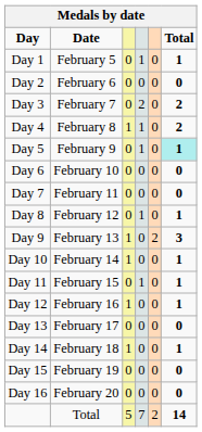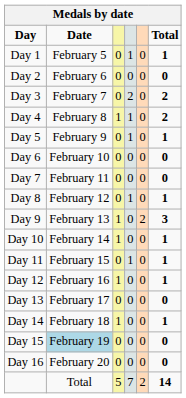 <table class=wikitable style="font-size:85%;float:right">
 <tr bgcolor=efefef>
 <th colspan=6><strong>Medals by date</strong></th>
 </tr>
 <tr align=center>
 <td><strong>Day</strong></td>
 <td><strong>Date</strong></td>
 <td bgcolor=#f7f6a8></td>
 <td bgcolor=#dce5e5></td>
 <td bgcolor=#ffdab9></td>
 <td><strong>Total</strong></td>
 </tr>
 <tr align=center>
 <td>Day 1</td>
 <td>February 5</td>
 <td bgcolor=F7F6A8>0</td>
 <td bgcolor=DCE5E5>1</td>
 <td bgcolor=FFDAB9>0</td>
 <td><strong>1</strong></td>
 </tr>
 <tr align=center>
 <td>Day 2</td>
 <td>February 6</td>
 <td bgcolor=F7F6A8>0</td>
 <td bgcolor=DCE5E5>0</td>
 <td bgcolor=FFDAB9>0</td>
 <td><strong>0</strong></td>
 </tr>
 <tr align=center>
 <td>Day 3</td>
 <td>February 7</td>
 <td bgcolor=F7F6A8>0</td>
 <td bgcolor=DCE5E5>2</td>
 <td bgcolor=FFDAB9>0</td>
 <td><strong>2</strong></td>
 </tr>
 <tr align=center>
 <td>Day 4</td>
 <td>February 8</td>
 <td bgcolor=F7F6A8>1</td>
 <td bgcolor=DCE5E5>1</td>
 <td bgcolor=FFDAB9>0</td>
 <td><strong>2</strong></td>
 </tr>
 <tr align=center>
 <td>Day 5</td>
 <td>February 9</td>
 <td bgcolor=F7F6A8>0</td>
 <td bgcolor=DCE5E5>1</td>
 <td bgcolor=FFDAB9>0</td>
-<td style="background: paleturquoise;"><strong>1</strong></td>
+<td><strong>1</strong></td>
 </tr>
 <tr align=center>
 <td>Day 6</td>
 <td>February 10</td>
 <td bgcolor=F7F6A8>0</td>
 <td bgcolor=DCE5E5>0</td>
 <td bgcolor=FFDAB9>0</td>
 <td><strong>0</strong></td>
 </tr>
 <tr align=center>
 <td>Day 7</td>
 <td>February 11</td>
 <td bgcolor=F7F6A8>0</td>
 <td bgcolor=DCE5E5>0</td>
 <td bgcolor=FFDAB9>0</td>
 <td><strong>0</strong></td>
 </tr>
 <tr align=center>
 <td>Day 8</td>
 <td>February 12</td>
 <td bgcolor=F7F6A8>0</td>
 <td bgcolor=DCE5E5>1</td>
 <td bgcolor=FFDAB9>0</td>
 <td><strong>1</strong></td>
 </tr>
 <tr align=center>
 <td>Day 9</td>
 <td>February 13</td>
 <td bgcolor=F7F6A8>1</td>
 <td bgcolor=DCE5E5>0</td>
 <td bgcolor=FFDAB9>2</td>
 <td><strong>3</strong></td>
 </tr>
 <tr align=center>
 <td>Day 10</td>
 <td>February 14</td>
 <td bgcolor=F7F6A8>1</td>
 <td bgcolor=DCE5E5>0</td>
 <td bgcolor=FFDAB9>0</td>
 <td><strong>1</strong></td>
 </tr>
 <tr align=center>
 <td>Day 11</td>
 <td>February 15</td>
 <td bgcolor=F7F6A8>0</td>
 <td bgcolor=DCE5E5>1</td>
 <td bgcolor=FFDAB9>0</td>
 <td><strong>1</strong></td>
 </tr>
 <tr align=center>
 <td>Day 12</td>
 <td>February 16</td>
 <td bgcolor=F7F6A8>1</td>
 <td bgcolor=DCE5E5>0</td>
 <td bgcolor=FFDAB9>0</td>
 <td><strong>1</strong></td>
 </tr>
 <tr align=center>
 <td>Day 13</td>
 <td>February 17</td>
 <td bgcolor=F7F6A8>0</td>
 <td bgcolor=DCE5E5>0</td>
 <td bgcolor=FFDAB9>0</td>
 <td><strong>0</strong></td>
 </tr>
 <tr align=center>
 <td>Day 14</td>
 <td>February 18</td>
 <td bgcolor=F7F6A8>1</td>
 <td bgcolor=DCE5E5>0</td>
 <td bgcolor=FFDAB9>0</td>
 <td><strong>1</strong></td>
 </tr>
 <tr align=center>
 <td>Day 15</td>
-<td>February 19</td>
+<td style="background: lightblue;">February 19</td>
 <td bgcolor=F7F6A8>0</td>
 <td bgcolor=DCE5E5>0</td>
 <td bgcolor=FFDAB9>0</td>
 <td><strong>0</strong></td>
 </tr>
 <tr align=center>
 <td>Day 16</td>
 <td>February 20</td>
 <td bgcolor=F7F6A8>0</td>
 <td bgcolor=DCE5E5>0</td>
 <td bgcolor=FFDAB9>0</td>
 <td><strong>0</strong></td>
 </tr>
 <tr align=center>
 <td></td>
 <td>Total</td>
 <td bgcolor=F7F6A8>5</td>
 <td bgcolor=DCE5E5>7</td>
 <td bgcolor=FFDAB9>2</td>
 <td><strong>14</strong></td>
 </tr>
 </table>
